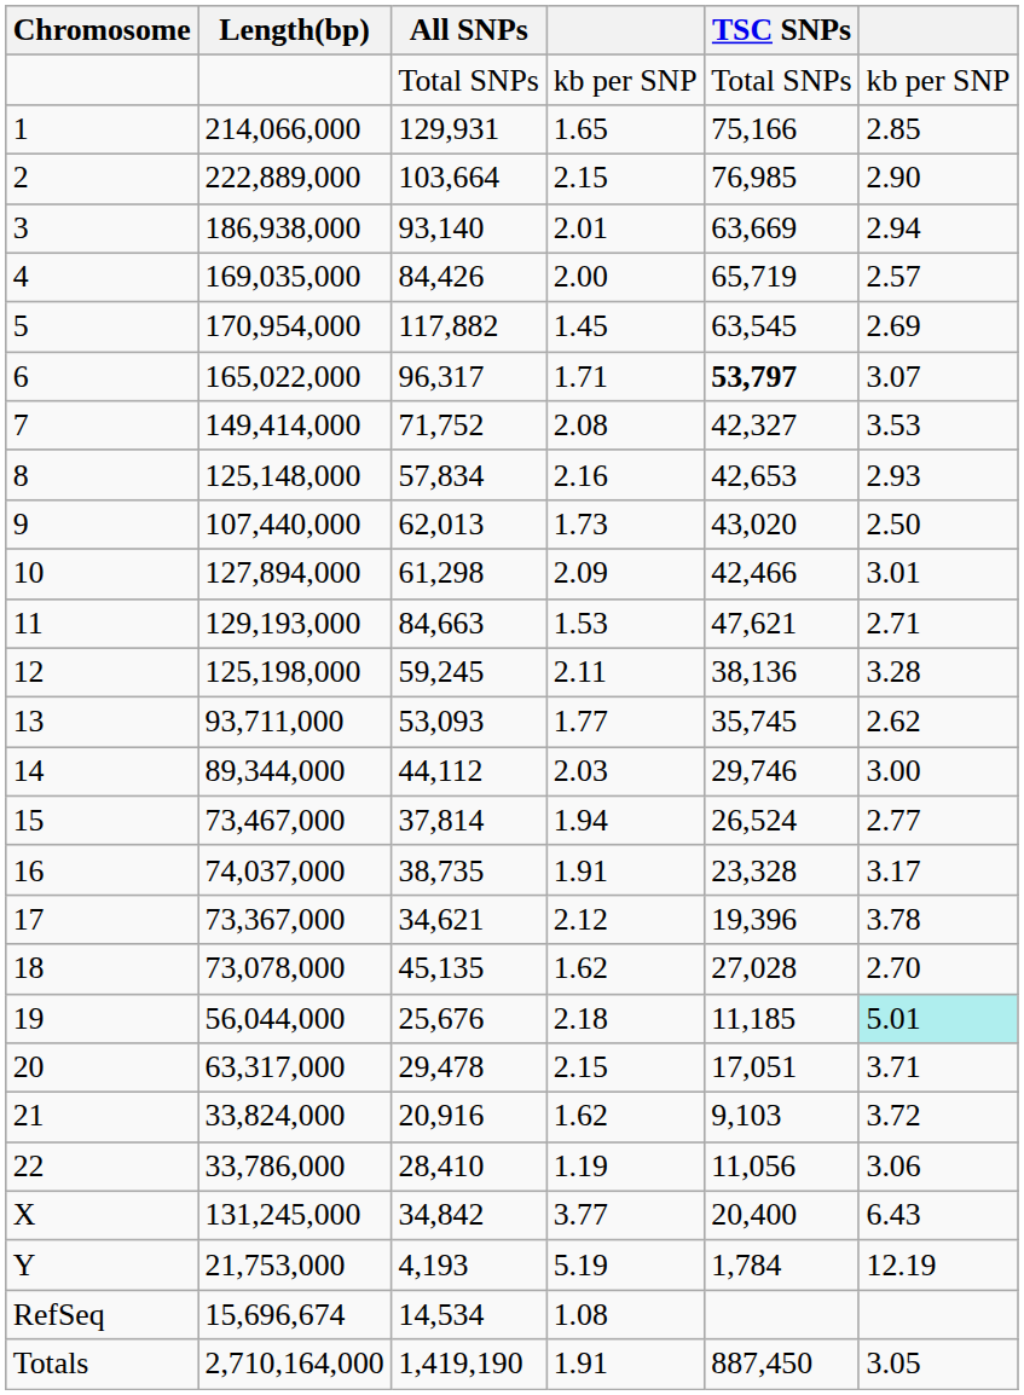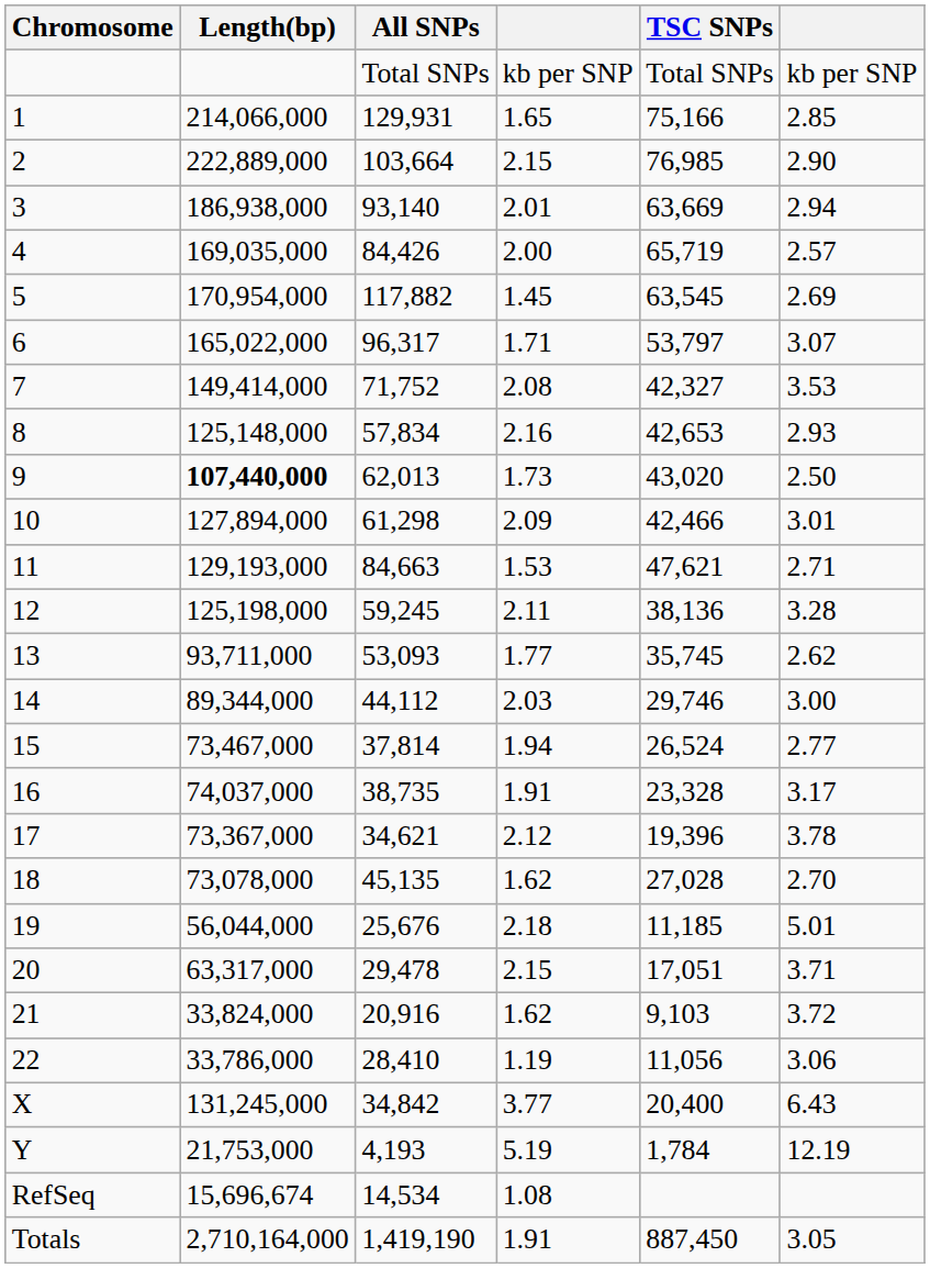 <table class="wikitable">
 <tr>
 <th>Chromosome</th>
 <th>Length(bp)</th>
 <th>All SNPs</th>
 <th></th>
 <th><a href='#'>TSC</a> SNPs</th>
 <th></th>
 </tr>
 <tr>
 <td></td>
 <td></td>
 <td>Total SNPs</td>
 <td>kb per SNP</td>
 <td>Total SNPs</td>
 <td>kb per SNP</td>
 </tr>
 <tr>
 <td>1</td>
 <td>214,066,000</td>
 <td>129,931</td>
 <td>1.65</td>
 <td>75,166</td>
 <td>2.85</td>
 </tr>
 <tr>
 <td>2</td>
 <td>222,889,000</td>
 <td>103,664</td>
 <td>2.15</td>
 <td>76,985</td>
 <td>2.90</td>
 </tr>
 <tr>
 <td>3</td>
 <td>186,938,000</td>
 <td>93,140</td>
 <td>2.01</td>
 <td>63,669</td>
 <td>2.94</td>
 </tr>
 <tr>
 <td>4</td>
 <td>169,035,000</td>
 <td>84,426</td>
 <td>2.00</td>
 <td>65,719</td>
 <td>2.57</td>
 </tr>
 <tr>
 <td>5</td>
 <td>170,954,000</td>
 <td>117,882</td>
 <td>1.45</td>
 <td>63,545</td>
 <td>2.69</td>
 </tr>
 <tr>
 <td>6</td>
 <td>165,022,000</td>
 <td>96,317</td>
 <td>1.71</td>
-<td><strong>53,797</strong></td>
+<td>53,797</td>
 <td>3.07</td>
 </tr>
 <tr>
 <td>7</td>
 <td>149,414,000</td>
 <td>71,752</td>
 <td>2.08</td>
 <td>42,327</td>
 <td>3.53</td>
 </tr>
 <tr>
 <td>8</td>
 <td>125,148,000</td>
 <td>57,834</td>
 <td>2.16</td>
 <td>42,653</td>
 <td>2.93</td>
 </tr>
 <tr>
 <td>9</td>
-<td>107,440,000</td>
+<td><strong>107,440,000</strong></td>
 <td>62,013</td>
 <td>1.73</td>
 <td>43,020</td>
 <td>2.50</td>
 </tr>
 <tr>
 <td>10</td>
 <td>127,894,000</td>
 <td>61,298</td>
 <td>2.09</td>
 <td>42,466</td>
 <td>3.01</td>
 </tr>
 <tr>
 <td>11</td>
 <td>129,193,000</td>
 <td>84,663</td>
 <td>1.53</td>
 <td>47,621</td>
 <td>2.71</td>
 </tr>
 <tr>
 <td>12</td>
 <td>125,198,000</td>
 <td>59,245</td>
 <td>2.11</td>
 <td>38,136</td>
 <td>3.28</td>
 </tr>
 <tr>
 <td>13</td>
 <td>93,711,000</td>
 <td>53,093</td>
 <td>1.77</td>
 <td>35,745</td>
 <td>2.62</td>
 </tr>
 <tr>
 <td>14</td>
 <td>89,344,000</td>
 <td>44,112</td>
 <td>2.03</td>
 <td>29,746</td>
 <td>3.00</td>
 </tr>
 <tr>
 <td>15</td>
 <td>73,467,000</td>
 <td>37,814</td>
 <td>1.94</td>
 <td>26,524</td>
 <td>2.77</td>
 </tr>
 <tr>
 <td>16</td>
 <td>74,037,000</td>
 <td>38,735</td>
 <td>1.91</td>
 <td>23,328</td>
 <td>3.17</td>
 </tr>
 <tr>
 <td>17</td>
 <td>73,367,000</td>
 <td>34,621</td>
 <td>2.12</td>
 <td>19,396</td>
 <td>3.78</td>
 </tr>
 <tr>
 <td>18</td>
 <td>73,078,000</td>
 <td>45,135</td>
 <td>1.62</td>
 <td>27,028</td>
 <td>2.70</td>
 </tr>
 <tr>
 <td>19</td>
 <td>56,044,000</td>
 <td>25,676</td>
 <td>2.18</td>
 <td>11,185</td>
-<td style="background: paleturquoise;">5.01</td>
+<td>5.01</td>
 </tr>
 <tr>
 <td>20</td>
 <td>63,317,000</td>
 <td>29,478</td>
 <td>2.15</td>
 <td>17,051</td>
 <td>3.71</td>
 </tr>
 <tr>
 <td>21</td>
 <td>33,824,000</td>
 <td>20,916</td>
 <td>1.62</td>
 <td>9,103</td>
 <td>3.72</td>
 </tr>
 <tr>
 <td>22</td>
 <td>33,786,000</td>
 <td>28,410</td>
 <td>1.19</td>
 <td>11,056</td>
 <td>3.06</td>
 </tr>
 <tr>
 <td>X</td>
 <td>131,245,000</td>
 <td>34,842</td>
 <td>3.77</td>
 <td>20,400</td>
 <td>6.43</td>
 </tr>
 <tr>
 <td>Y</td>
 <td>21,753,000</td>
 <td>4,193</td>
 <td>5.19</td>
 <td>1,784</td>
 <td>12.19</td>
 </tr>
 <tr>
 <td>RefSeq</td>
 <td>15,696,674</td>
 <td>14,534</td>
 <td>1.08</td>
 <td></td>
 </tr>
 <tr>
 <td>Totals</td>
 <td>2,710,164,000</td>
 <td>1,419,190</td>
 <td>1.91</td>
 <td>887,450</td>
 <td>3.05</td>
 </tr>
 </table>
